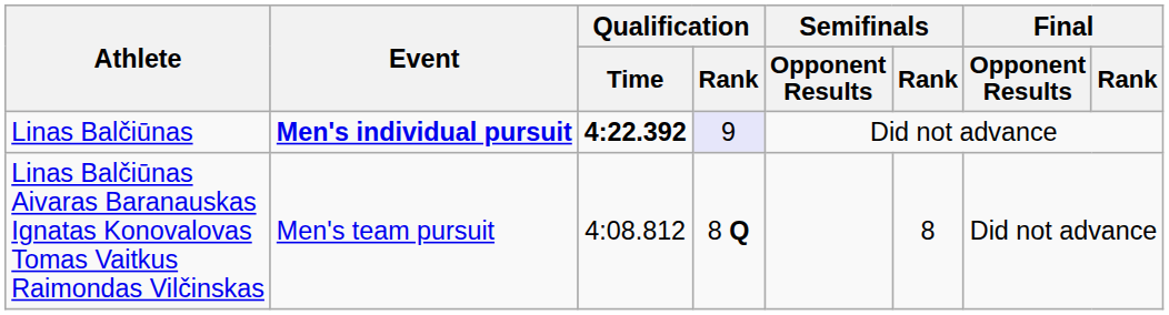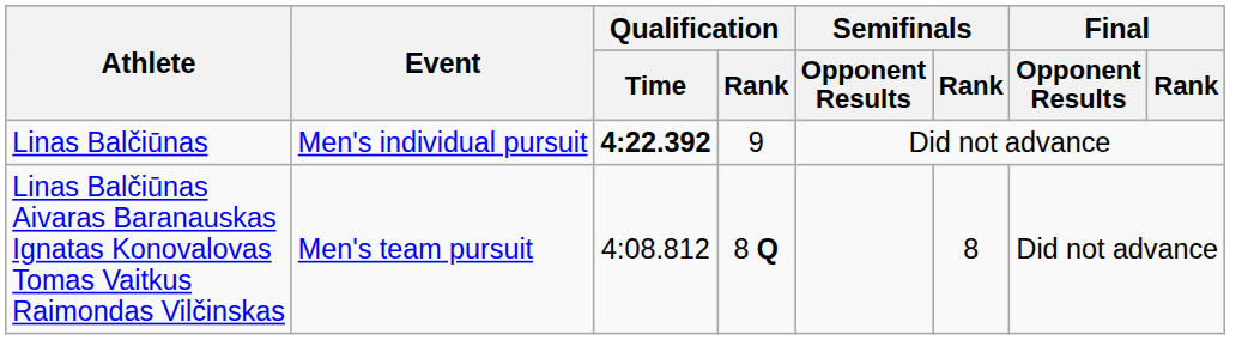 <table class=wikitable style="font-size:90%">
 <tr>
 <th rowspan="2">Athlete</th>
 <th rowspan="2">Event</th>
 <th colspan="2">Qualification</th>
 <th colspan="2">Semifinals</th>
 <th colspan="2">Final</th>
 </tr>
 <tr style="font-size:95%">
 <th>Time</th>
 <th>Rank</th>
 <th>Opponent<br>Results</th>
 <th>Rank</th>
 <th>Opponent<br>Results</th>
 <th>Rank</th>
 </tr>
 <tr align=center>
 <td align=left><a href='#'>Linas Balčiūnas</a></td>
-<td align=left><strong><a href='#'>Men's individual pursuit</a></strong></td>
+<td align=left><a href='#'>Men's individual pursuit</a></td>
 <td><strong>4:22.392</strong></td>
-<td style="background: lavender;">9</td>
+<td>9</td>
 <td colspan=4>Did not advance</td>
 </tr>
 <tr align=center>
 <td align=left><a href='#'>Linas Balčiūnas</a><br><a href='#'>Aivaras Baranauskas</a><br><a href='#'>Ignatas Konovalovas</a><br><a href='#'>Tomas Vaitkus</a><br><a href='#'>Raimondas Vilčinskas</a></td>
 <td align=left><a href='#'>Men's team pursuit</a></td>
 <td>4:08.812</td>
 <td>8 <strong>Q</strong></td>
 <td><br></td>
 <td>8</td>
 <td colspan=2>Did not advance</td>
 </tr>
 </table>
